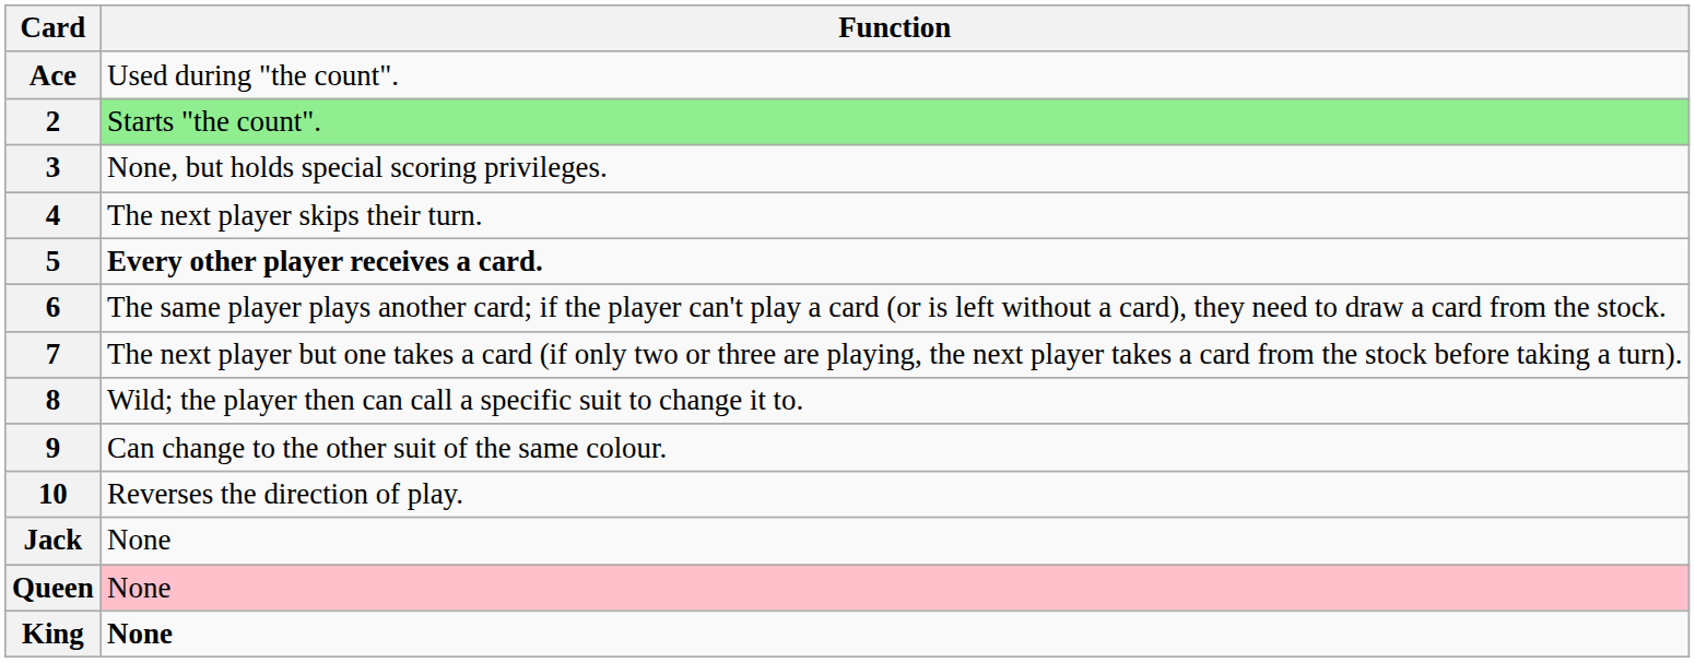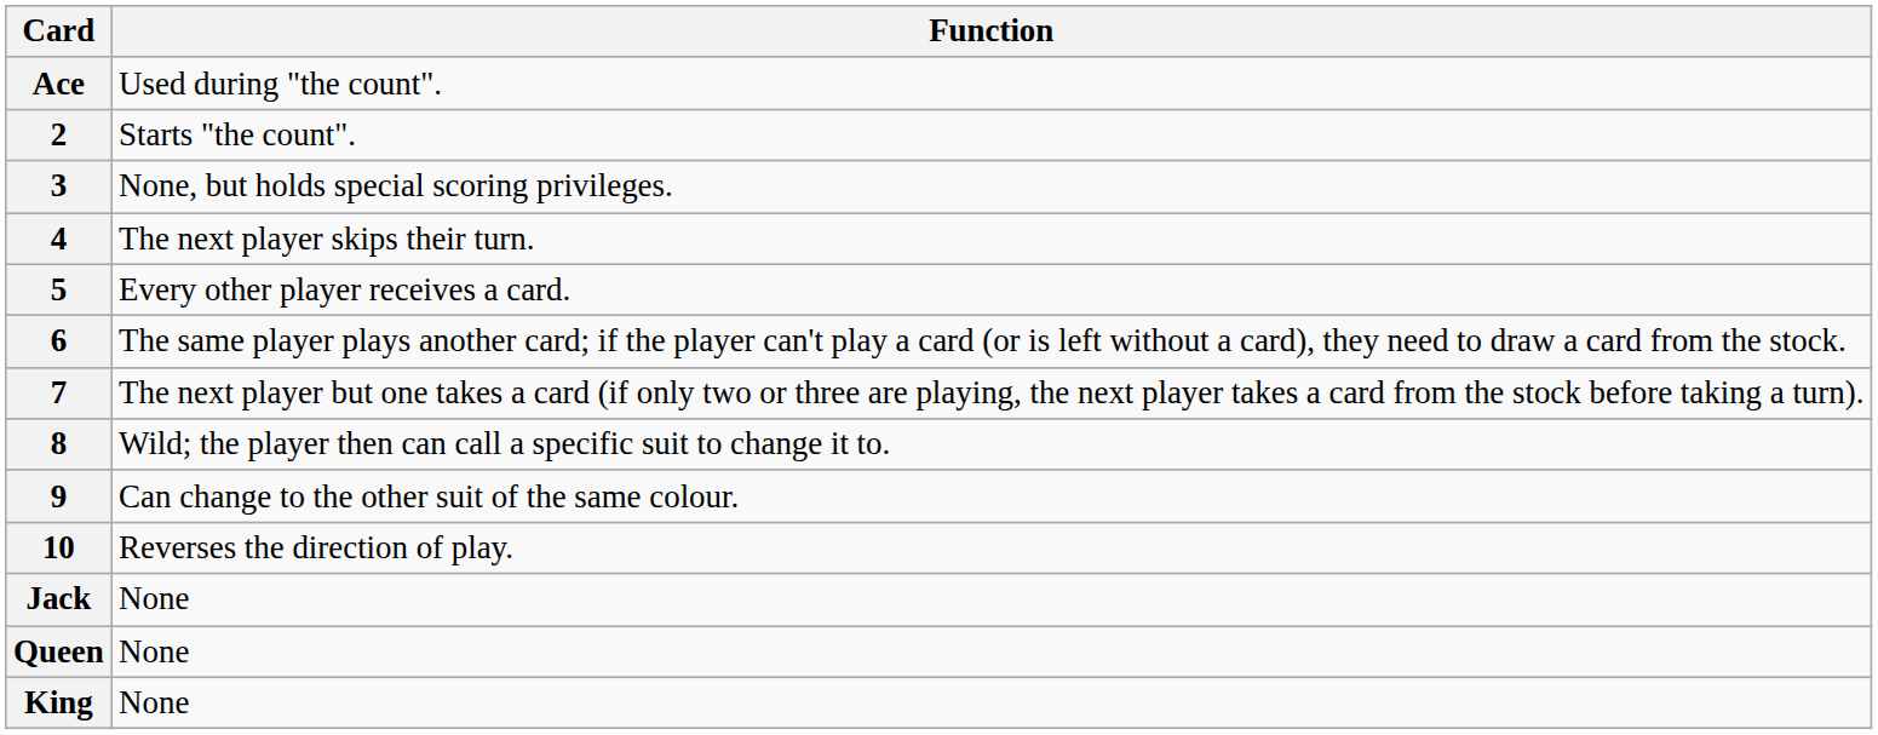 <table class="wikitable">
 <tr>
 <th>Card</th>
 <th>Function</th>
 </tr>
 <tr>
 <th>Ace</th>
 <td>Used during "the count".</td>
 </tr>
 <tr>
 <th>2</th>
-<td style="background: lightgreen;">Starts "the count".</td>
+<td>Starts "the count".</td>
 </tr>
 <tr>
 <th>3</th>
 <td>None, but holds special scoring privileges.</td>
 </tr>
 <tr>
 <th>4</th>
 <td>The next player skips their turn.</td>
 </tr>
 <tr>
 <th>5</th>
-<td><strong>Every other player receives a card.</strong></td>
+<td>Every other player receives a card.</td>
 </tr>
 <tr>
 <th>6</th>
 <td>The same player plays another card; if the player can't play a card (or is left without a card), they need to draw a card from the stock.</td>
 </tr>
 <tr>
 <th>7</th>
 <td>The next player but one takes a card (if only two or three are playing, the next player takes a card from the stock before taking a turn).</td>
 </tr>
 <tr>
 <th>8</th>
 <td>Wild; the player then can call a specific suit to change it to.</td>
 </tr>
 <tr>
 <th>9</th>
 <td>Can change to the other suit of the same colour.</td>
 </tr>
 <tr>
 <th>10</th>
 <td>Reverses the direction of play.</td>
 </tr>
 <tr>
 <th>Jack</th>
 <td>None</td>
 </tr>
 <tr>
 <th>Queen</th>
-<td style="background: pink;">None</td>
+<td>None</td>
 </tr>
 <tr>
 <th>King</th>
-<td><strong>None</strong></td>
+<td>None</td>
 </tr>
 </table>
